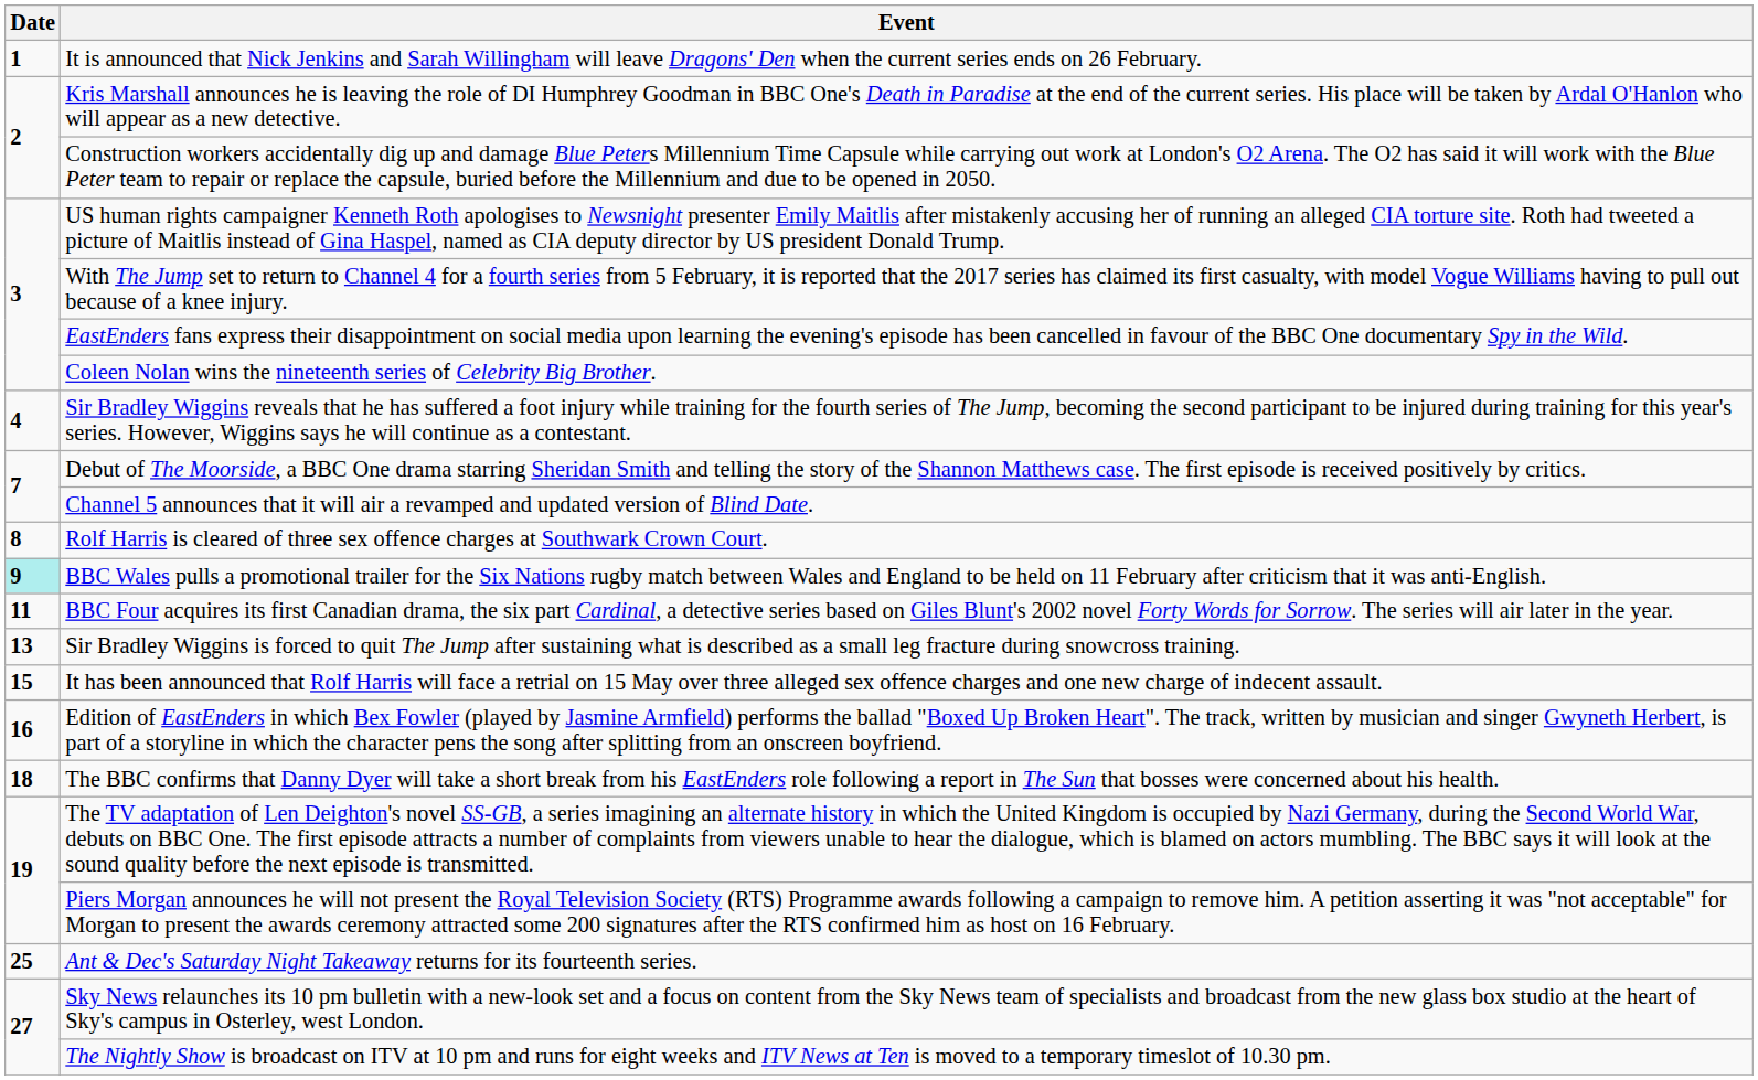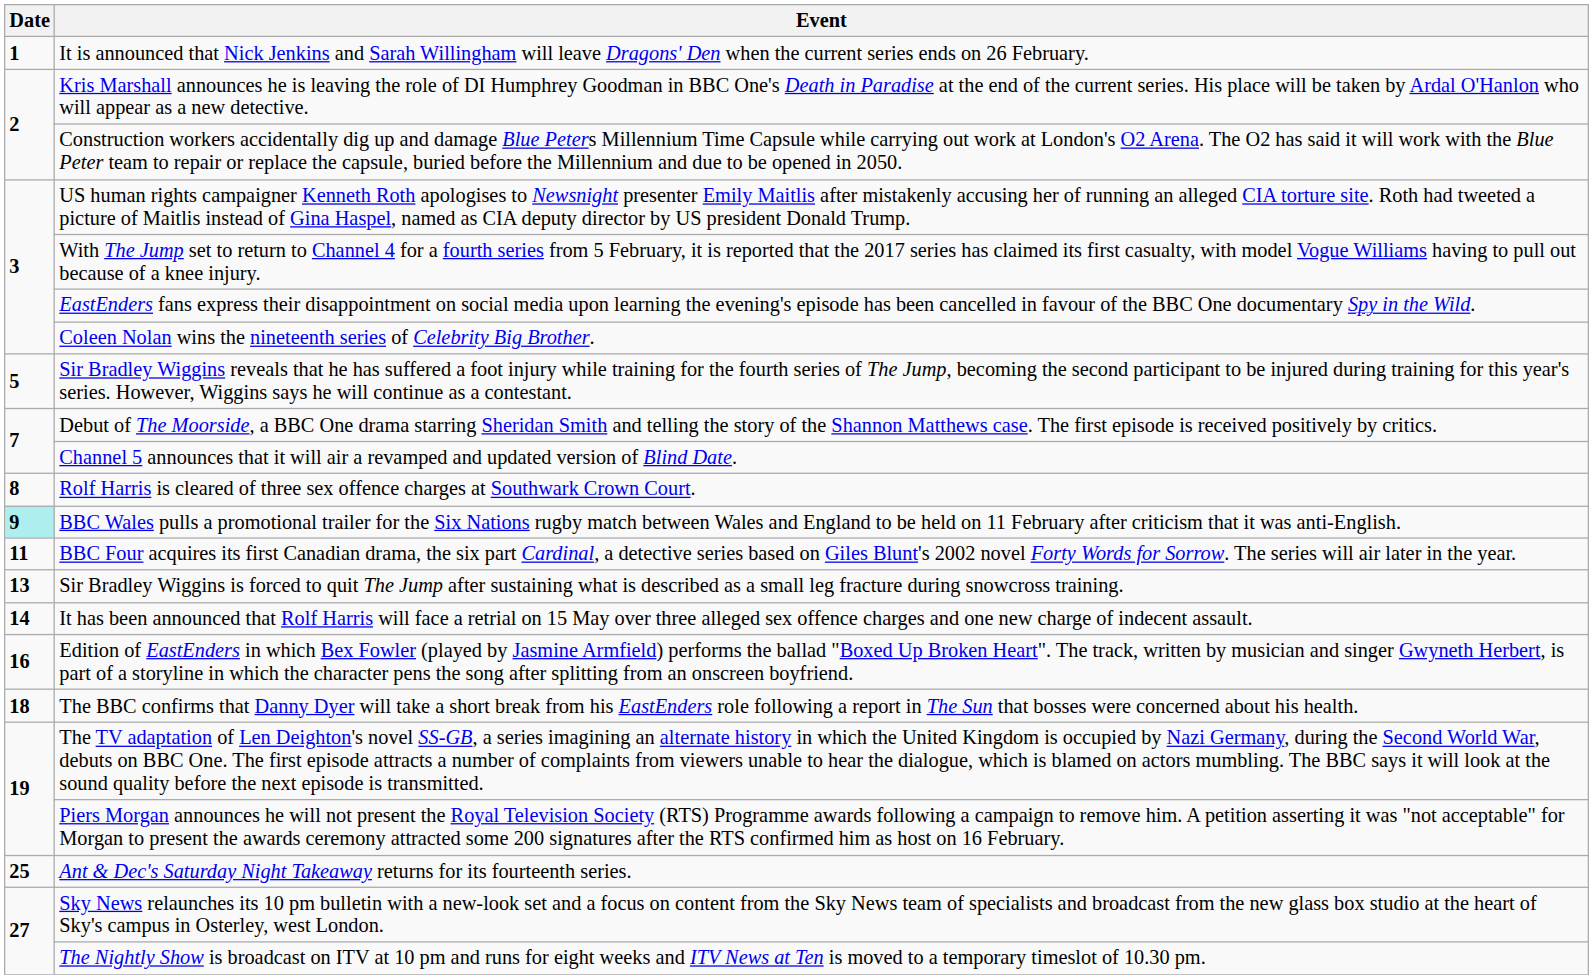 <table class="wikitable">
 <tr>
 <th>Date</th>
 <th>Event</th>
 </tr>
 <tr>
 <td><strong>1</strong></td>
 <td>It is announced that <a href='#'>Nick Jenkins</a> and <a href='#'>Sarah Willingham</a> will leave <em><a href='#'>Dragons' Den</a></em> when the current series ends on 26 February.</td>
 </tr>
 <tr>
 <td rowspan=2><strong>2</strong></td>
 <td><a href='#'>Kris Marshall</a> announces he is leaving the role of DI Humphrey Goodman in BBC One's <em><a href='#'>Death in Paradise</a></em> at the end of the current series. His place will be taken by <a href='#'>Ardal O'Hanlon</a> who will appear as a new detective.</td>
 </tr>
 <tr>
 <td>Construction workers accidentally dig up and damage <em><a href='#'>Blue Peter</a></em>s Millennium Time Capsule while carrying out work at London's <a href='#'>O2 Arena</a>. The O2 has said it will work with the <em>Blue Peter</em> team to repair or replace the capsule, buried before the Millennium and due to be opened in 2050.</td>
 </tr>
 <tr>
 <td rowspan=4><strong>3</strong></td>
 <td>US human rights campaigner <a href='#'>Kenneth Roth</a> apologises to <em><a href='#'>Newsnight</a></em> presenter <a href='#'>Emily Maitlis</a> after mistakenly accusing her of running an alleged <a href='#'>CIA torture site</a>. Roth had tweeted a picture of Maitlis instead of <a href='#'>Gina Haspel</a>, named as CIA deputy director by US president Donald Trump.</td>
 </tr>
 <tr>
 <td>With <em><a href='#'>The Jump</a></em> set to return to <a href='#'>Channel 4</a> for a <a href='#'>fourth series</a> from 5 February, it is reported that the 2017 series has claimed its first casualty, with model <a href='#'>Vogue Williams</a> having to pull out because of a knee injury.</td>
 </tr>
 <tr>
 <td><em><a href='#'>EastEnders</a></em> fans express their disappointment on social media upon learning the evening's episode has been cancelled in favour of the BBC One documentary <em><a href='#'>Spy in the Wild</a></em>.</td>
 </tr>
 <tr>
 <td><a href='#'>Coleen Nolan</a> wins the <a href='#'>nineteenth series</a> of <em><a href='#'>Celebrity Big Brother</a></em>.</td>
 </tr>
 <tr>
-<td><strong>4</strong></td>
+<td><strong>5</strong></td>
 <td><a href='#'>Sir Bradley Wiggins</a> reveals that he has suffered a foot injury while training for the fourth series of <em>The Jump</em>, becoming the second participant to be injured during training for this year's series. However, Wiggins says he will continue as a contestant.</td>
 </tr>
 <tr>
 <td rowspan=2><strong>7</strong></td>
 <td>Debut of <em><a href='#'>The Moorside</a></em>, a BBC One drama starring <a href='#'>Sheridan Smith</a> and telling the story of the <a href='#'>Shannon Matthews case</a>. The first episode is received positively by critics.</td>
 </tr>
 <tr>
 <td><a href='#'>Channel 5</a> announces that it will air a revamped and updated version of <em><a href='#'>Blind Date</a></em>.</td>
 </tr>
 <tr>
 <td><strong>8</strong></td>
 <td><a href='#'>Rolf Harris</a> is cleared of three sex offence charges at <a href='#'>Southwark Crown Court</a>.</td>
 </tr>
 <tr>
 <td style="background: paleturquoise;"><strong>9</strong></td>
 <td><a href='#'>BBC Wales</a> pulls a promotional trailer for the <a href='#'>Six Nations</a> rugby match between Wales and England to be held on 11 February after criticism that it was anti-English.</td>
 </tr>
 <tr>
 <td><strong>11</strong></td>
 <td><a href='#'>BBC Four</a> acquires its first Canadian drama, the six part <em><a href='#'>Cardinal</a></em>, a detective series based on <a href='#'>Giles Blunt</a>'s 2002 novel <em><a href='#'>Forty Words for Sorrow</a></em>. The series will air later in the year.</td>
 </tr>
 <tr>
 <td><strong>13</strong></td>
 <td>Sir Bradley Wiggins is forced to quit <em>The Jump</em> after sustaining what is described as a small leg fracture during snowcross training.</td>
 </tr>
 <tr>
-<td><strong>15</strong></td>
+<td><strong>14</strong></td>
 <td>It has been announced that <a href='#'>Rolf Harris</a> will face a retrial on 15 May over three alleged sex offence charges and one new charge of indecent assault.</td>
 </tr>
 <tr>
 <td><strong>16</strong></td>
 <td>Edition of <em><a href='#'>EastEnders</a></em> in which <a href='#'>Bex Fowler</a> (played by <a href='#'>Jasmine Armfield</a>) performs the ballad "<a href='#'>Boxed Up Broken Heart</a>". The track, written by musician and singer <a href='#'>Gwyneth Herbert</a>, is part of a storyline in which the character pens the song after splitting from an onscreen boyfriend.</td>
 </tr>
 <tr>
 <td><strong>18</strong></td>
 <td>The BBC confirms that <a href='#'>Danny Dyer</a> will take a short break from his <em><a href='#'>EastEnders</a></em> role following a report in <em><a href='#'>The Sun</a></em> that bosses were concerned about his health.</td>
 </tr>
 <tr>
 <td rowspan=2><strong>19</strong></td>
 <td>The <a href='#'>TV adaptation</a> of <a href='#'>Len Deighton</a>'s novel <em><a href='#'>SS-GB</a></em>, a series imagining an <a href='#'>alternate history</a> in which the United Kingdom is occupied by <a href='#'>Nazi Germany</a>, during the <a href='#'>Second World War</a>, debuts on BBC One. The first episode attracts a number of complaints from viewers unable to hear the dialogue, which is blamed on actors mumbling. The BBC says it will look at the sound quality before the next episode is transmitted.</td>
 </tr>
 <tr>
 <td><a href='#'>Piers Morgan</a> announces he will not present the <a href='#'>Royal Television Society</a> (RTS) Programme awards following a campaign to remove him. A petition asserting it was "not acceptable" for Morgan to present the awards ceremony attracted some 200 signatures after the RTS confirmed him as host on 16 February.</td>
 </tr>
 <tr>
 <td><strong>25</strong></td>
 <td><em><a href='#'>Ant & Dec's Saturday Night Takeaway</a></em> returns for its fourteenth series.</td>
 </tr>
 <tr>
 <td rowspan=2><strong>27</strong></td>
 <td><a href='#'>Sky News</a> relaunches its 10 pm bulletin with a new-look set and a focus on content from the Sky News team of specialists and broadcast from the new glass box studio at the heart of Sky's campus in Osterley, west London.</td>
 </tr>
 <tr>
 <td><em><a href='#'>The Nightly Show</a></em> is broadcast on ITV at 10 pm and runs for eight weeks and <em><a href='#'>ITV News at Ten</a></em> is moved to a temporary timeslot of 10.30 pm.</td>
 </tr>
 </table>
